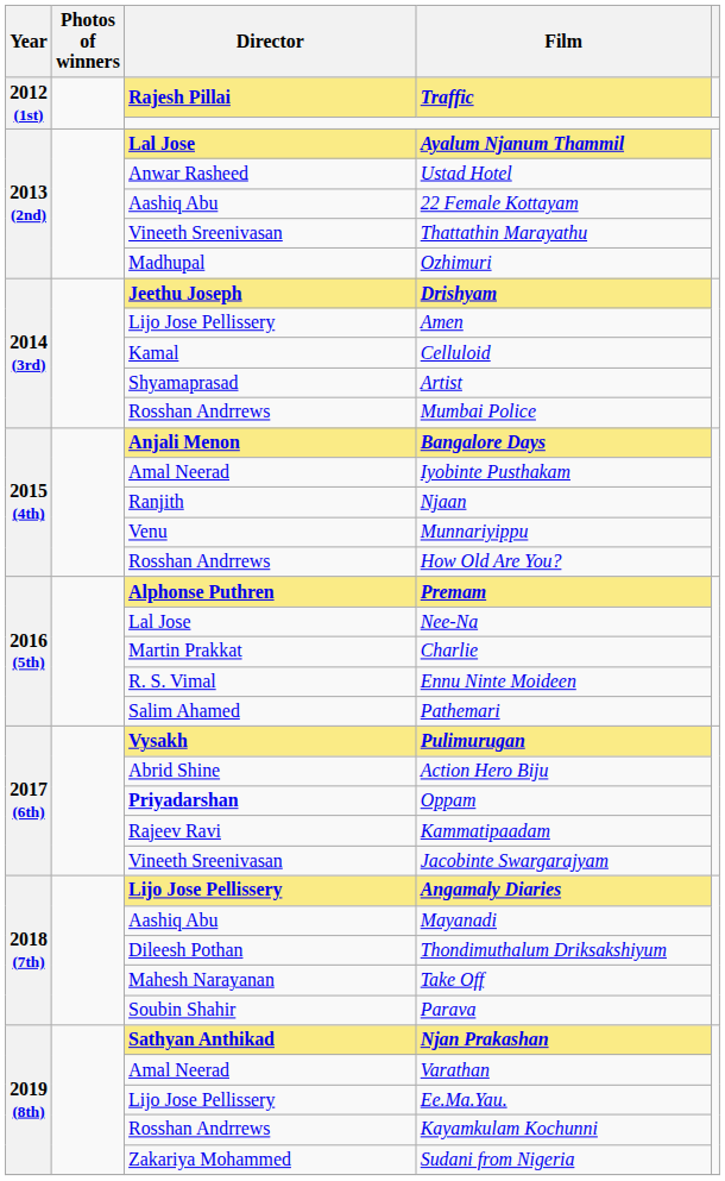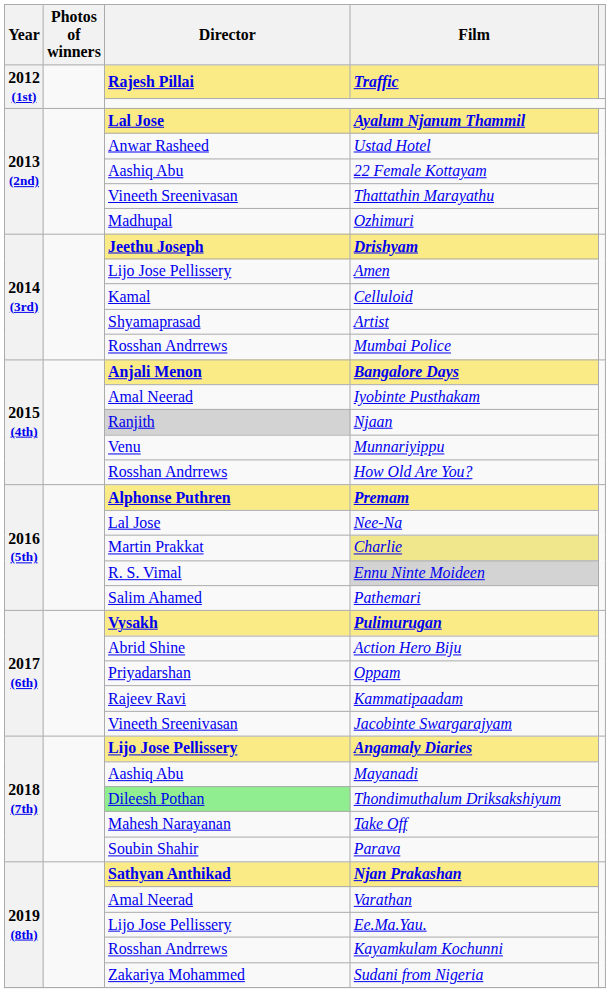 <table class="wikitable sortable" style="text-align:left;">
 <tr>
 <th scope="col" style="width:5%; text-align:center;">Year</th>
 <th scope="col" style="width:3%; text-align:center;">Photos of winners</th>
 <th scope="col" style="width:45%;text-align:center;">Director</th>
 <th scope="col" style="width:45%;text-align:center;">Film</th>
 <th class="unsortable"></th>
 </tr>
 <tr>
 <th scope="row" rowspan="2" style="text-align:center">2012 <br><small><a href='#'>(1st)</a> </small></th>
 <td rowspan="2" style="text-align:center"></td>
 <td style="background:#FAEB86;"><strong><a href='#'>Rajesh Pillai</a></strong> </td>
 <td style="background:#FAEB86;"><strong><em><a href='#'>Traffic</a></em></strong></td>
 <td></td>
 </tr>
 <tr>
 <td colspan =3 style="text-align:center"></td>
 </tr>
 <tr>
 <th scope="row" rowspan="5" style="text-align:center">2013 <br><small><a href='#'>(2nd)</a> </small></th>
 <td rowspan="5" style="text-align:center"></td>
 <td style="background:#FAEB86;"><strong><a href='#'>Lal Jose</a></strong> </td>
 <td style="background:#FAEB86;"><strong><em><a href='#'>Ayalum Njanum Thammil</a></em></strong></td>
 <td rowspan="5"></td>
 </tr>
 <tr>
 <td><a href='#'>Anwar Rasheed</a></td>
 <td><em><a href='#'>Ustad Hotel</a></em></td>
 </tr>
 <tr>
 <td><a href='#'>Aashiq Abu</a></td>
 <td><em><a href='#'>22 Female Kottayam</a></em></td>
 </tr>
 <tr>
 <td><a href='#'>Vineeth Sreenivasan</a></td>
 <td><em><a href='#'>Thattathin Marayathu</a></em></td>
 </tr>
 <tr>
 <td><a href='#'>Madhupal</a></td>
 <td><em><a href='#'>Ozhimuri</a></em></td>
 </tr>
 <tr>
 <th scope="row" rowspan="5" style="text-align:center">2014 <br><small><a href='#'>(3rd)</a> </small></th>
 <td rowspan="5" style="text-align:center"></td>
 <td style="background:#FAEB86;"><strong><a href='#'>Jeethu Joseph</a></strong> </td>
 <td style="background:#FAEB86;"><strong><em><a href='#'>Drishyam</a></em></strong></td>
 <td rowspan="5"><br></td>
 </tr>
 <tr>
 <td><a href='#'>Lijo Jose Pellissery</a></td>
 <td><em><a href='#'>Amen</a></em></td>
 </tr>
 <tr>
 <td><a href='#'>Kamal</a></td>
 <td><em><a href='#'>Celluloid</a></em></td>
 </tr>
 <tr>
 <td><a href='#'>Shyamaprasad</a></td>
 <td><em><a href='#'>Artist</a></em></td>
 </tr>
 <tr>
 <td><a href='#'>Rosshan Andrrews</a></td>
 <td><em><a href='#'>Mumbai Police</a></em></td>
 </tr>
 <tr>
 <th scope="row" rowspan="5" style="text-align:center">2015 <br><small><a href='#'>(4th)</a> </small></th>
 <td rowspan="5" style="text-align:center"></td>
 <td style="background:#FAEB86;"><strong><a href='#'>Anjali Menon</a></strong> </td>
 <td style="background:#FAEB86;"><strong><em><a href='#'>Bangalore Days</a></em></strong></td>
 <td rowspan="5"><br></td>
 </tr>
 <tr>
 <td><a href='#'>Amal Neerad</a></td>
 <td><em><a href='#'>Iyobinte Pusthakam</a></em></td>
 </tr>
 <tr>
-<td><a href='#'>Ranjith</a></td>
+<td style="background: lightgrey;"><a href='#'>Ranjith</a></td>
 <td><em><a href='#'>Njaan</a></em></td>
 </tr>
 <tr>
 <td><a href='#'>Venu</a></td>
 <td><em><a href='#'>Munnariyippu</a></em></td>
 </tr>
 <tr>
 <td><a href='#'>Rosshan Andrrews</a></td>
 <td><em><a href='#'>How Old Are You?</a></em></td>
 </tr>
 <tr>
 <th scope="row" rowspan="5" style="text-align:center">2016 <br><small><a href='#'>(5th)</a> </small></th>
 <td rowspan="5" style="text-align:center"></td>
 <td style="background:#FAEB86;"><strong><a href='#'>Alphonse Puthren</a></strong> </td>
 <td style="background:#FAEB86;"><strong><em><a href='#'>Premam</a></em></strong></td>
 <td rowspan="5"><br></td>
 </tr>
 <tr>
 <td><a href='#'>Lal Jose</a></td>
 <td><em><a href='#'>Nee-Na</a></em></td>
 </tr>
 <tr>
 <td><a href='#'>Martin Prakkat</a></td>
-<td><em><a href='#'>Charlie</a></em></td>
+<td style="background: khaki;"><em><a href='#'>Charlie</a></em></td>
 </tr>
 <tr>
 <td><a href='#'>R. S. Vimal</a></td>
-<td><em><a href='#'>Ennu Ninte Moideen</a></em></td>
+<td style="background: lightgrey;"><em><a href='#'>Ennu Ninte Moideen</a></em></td>
 </tr>
 <tr>
 <td><a href='#'>Salim Ahamed</a></td>
 <td><em><a href='#'>Pathemari</a></em></td>
 </tr>
 <tr>
 <th scope="row" rowspan="5" style="text-align:center">2017 <br><small><a href='#'>(6th)</a> </small></th>
 <td rowspan="5" style="text-align:center"></td>
 <td style="background:#FAEB86;"><strong><a href='#'>Vysakh</a></strong> </td>
 <td style="background:#FAEB86;"><strong><em><a href='#'>Pulimurugan</a></em></strong></td>
 <td rowspan="5"><br></td>
 </tr>
 <tr>
 <td><a href='#'>Abrid Shine</a></td>
 <td><em><a href='#'>Action Hero Biju</a></em></td>
 </tr>
 <tr>
-<td><strong><a href='#'>Priyadarshan</a></strong></td>
+<td><a href='#'>Priyadarshan</a></td>
 <td><em><a href='#'>Oppam</a></em></td>
 </tr>
 <tr>
 <td><a href='#'>Rajeev Ravi</a></td>
 <td><em><a href='#'>Kammatipaadam</a></em></td>
 </tr>
 <tr>
 <td><a href='#'>Vineeth Sreenivasan</a></td>
 <td><em><a href='#'>Jacobinte Swargarajyam</a></em></td>
 </tr>
 <tr>
 <th scope="row" rowspan="5" style="text-align:center">2018 <br><small><a href='#'>(7th)</a> </small></th>
 <td rowspan="5" style="text-align:center"></td>
 <td style="background:#FAEB86;"><strong><a href='#'>Lijo Jose Pellissery</a></strong> </td>
 <td style="background:#FAEB86;"><strong><em><a href='#'>Angamaly Diaries</a></em></strong></td>
 <td rowspan="5"><br></td>
 </tr>
 <tr>
 <td><a href='#'>Aashiq Abu</a></td>
 <td><em><a href='#'>Mayanadi</a></em></td>
 </tr>
 <tr>
-<td><a href='#'>Dileesh Pothan</a></td>
+<td style="background: lightgreen;"><a href='#'>Dileesh Pothan</a></td>
 <td><em><a href='#'>Thondimuthalum Driksakshiyum</a></em></td>
 </tr>
 <tr>
 <td><a href='#'>Mahesh Narayanan</a></td>
 <td><em><a href='#'>Take Off</a></em></td>
 </tr>
 <tr>
 <td><a href='#'>Soubin Shahir</a></td>
 <td><em><a href='#'>Parava</a></em></td>
 </tr>
 <tr>
 <th scope="row" rowspan="5" style="text-align:center">2019 <br><small><a href='#'>(8th)</a> </small></th>
 <td rowspan="5" style="text-align:center"></td>
 <td style="background:#FAEB86;"><strong><a href='#'>Sathyan Anthikad</a></strong> </td>
 <td style="background:#FAEB86;"><strong><em><a href='#'>Njan Prakashan</a></em></strong></td>
 <td rowspan="5"><br></td>
 </tr>
 <tr>
 <td><a href='#'>Amal Neerad</a></td>
 <td><em><a href='#'>Varathan</a></em></td>
 </tr>
 <tr>
 <td><a href='#'>Lijo Jose Pellissery</a></td>
 <td><em><a href='#'>Ee.Ma.Yau.</a></em></td>
 </tr>
 <tr>
 <td><a href='#'>Rosshan Andrrews</a></td>
 <td><em><a href='#'>Kayamkulam Kochunni</a></em></td>
 </tr>
 <tr>
 <td><a href='#'>Zakariya Mohammed</a></td>
 <td><em><a href='#'>Sudani from Nigeria</a></em></td>
 </tr>
 <tr>
 </tr>
 </table>
